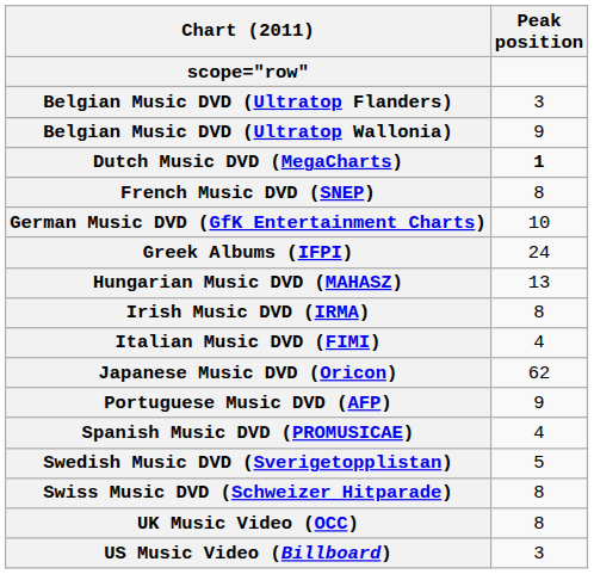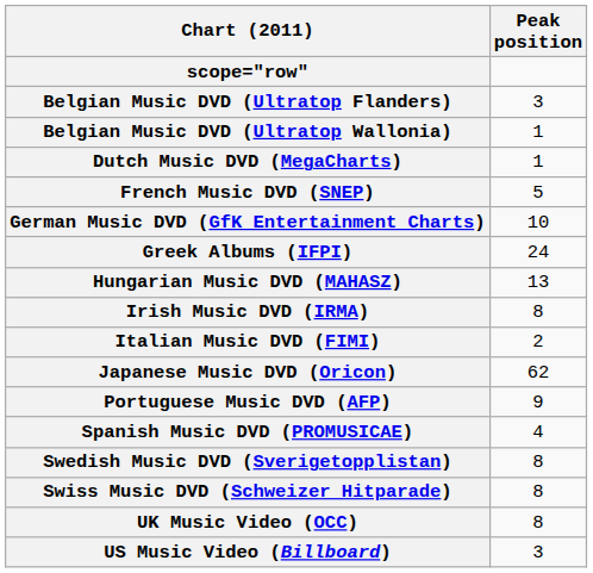 <table class="wikitable sortable plainrowheaders" style=text-align:center>
 <tr>
 <th scope="col">Chart (2011)</th>
 <th scope="col">Peak<br>position</th>
 </tr>
 <tr>
 <th>scope="row"</th>
 </tr>
 <tr>
 <th scope="row">Belgian Music DVD (<a href='#'>Ultratop</a> Flanders)</th>
 <td style="text-align:center;">3</td>
 </tr>
 <tr>
 <th scope="row">Belgian Music DVD (<a href='#'>Ultratop</a> Wallonia)</th>
-<td style="text-align:center;">9</td>
+<td style="text-align:center;">1</td>
 </tr>
 <tr>
 <th scope="row">Dutch Music DVD (<a href='#'>MegaCharts</a>)</th>
-<td style="text-align:center;"><strong>1</strong></td>
+<td style="text-align:center;">1</td>
 </tr>
 <tr>
 <th scope="row">French Music DVD (<a href='#'>SNEP</a>)</th>
-<td style="text-align:center;">8</td>
+<td style="text-align:center;">5</td>
 </tr>
 <tr>
 <th scope="row">German Music DVD (<a href='#'>GfK Entertainment Charts</a>)</th>
 <td style="text-align:center;">10</td>
 </tr>
 <tr>
 <th scope="row">Greek Albums (<a href='#'>IFPI</a>)</th>
 <td style="text-align:center;">24</td>
 </tr>
 <tr>
 <th scope="row">Hungarian Music DVD (<a href='#'>MAHASZ</a>)</th>
 <td style="text-align:center;">13</td>
 </tr>
 <tr>
 <th scope="row">Irish Music DVD (<a href='#'>IRMA</a>)</th>
 <td style="text-align:center;">8</td>
 </tr>
 <tr>
 <th scope="row">Italian Music DVD (<a href='#'>FIMI</a>)</th>
-<td style="text-align:center;">4</td>
+<td style="text-align:center;">2</td>
 </tr>
 <tr>
 <th scope="row">Japanese Music DVD (<a href='#'>Oricon</a>)</th>
 <td style="text-align:center;">62</td>
 </tr>
 <tr>
 <th scope="row">Portuguese Music DVD (<a href='#'>AFP</a>)</th>
 <td style="text-align:center;">9</td>
 </tr>
 <tr>
 <th scope="row">Spanish Music DVD (<a href='#'>PROMUSICAE</a>)</th>
 <td style="text-align:center;">4</td>
 </tr>
 <tr>
 <th scope="row">Swedish Music DVD (<a href='#'>Sverigetopplistan</a>)</th>
-<td style="text-align:center;">5</td>
+<td style="text-align:center;">8</td>
 </tr>
 <tr>
 <th scope="row">Swiss Music DVD (<a href='#'>Schweizer Hitparade</a>)</th>
 <td style="text-align:center;">8</td>
 </tr>
 <tr>
 <th scope="row">UK Music Video (<a href='#'>OCC</a>)</th>
 <td style="text-align:center;">8</td>
 </tr>
 <tr>
 <th scope="row">US Music Video (<em><a href='#'>Billboard</a></em>)</th>
 <td style="text-align:center;">3</td>
 </tr>
 </table>
